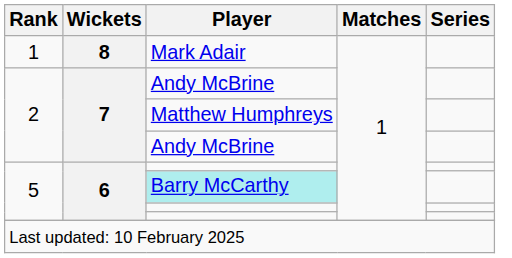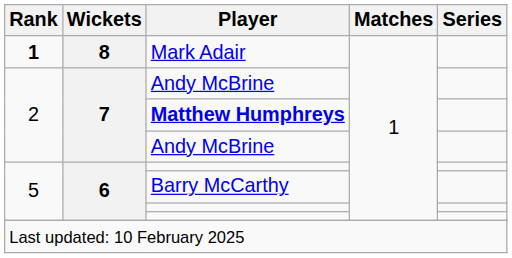 <table class="wikitable plainrowheaders sortable">
 <tr>
 <th scope=col>Rank</th>
 <th scope=col>Wickets</th>
 <th scope=col>Player</th>
 <th scope=col>Matches</th>
 <th scope=col>Series</th>
 </tr>
 <tr>
-<td align=center>1</td>
+<td align=center><strong>1</strong></td>
 <th scope=row style=text-align:center;>8</th>
 <td><a href='#'>Mark Adair</a></td>
 <td align=center  rowspan=8>1</td>
 <td></td>
 </tr>
 <tr>
 <td align=center rowspan=3>2</td>
 <th scope=row style=text-align:center; rowspan=3>7</th>
 <td><a href='#'>Andy McBrine</a></td>
 <td></td>
 </tr>
 <tr>
-<td><a href='#'>Matthew Humphreys</a></td>
+<td><strong><a href='#'>Matthew Humphreys</a></strong></td>
 <td></td>
 </tr>
 <tr>
 <td><a href='#'>Andy McBrine</a></td>
 <td></td>
 </tr>
 <tr>
 <td align=center rowspan=4>5</td>
 <th scope=row style=text-align:center; rowspan=4>6</th>
 <td></td>
 <td></td>
 </tr>
 <tr>
-<td style="background: paleturquoise;"><a href='#'>Barry McCarthy</a></td>
+<td><a href='#'>Barry McCarthy</a></td>
 <td></td>
 </tr>
 <tr>
 <td></td>
 <td></td>
 </tr>
 <tr>
 <td></td>
 <td></td>
 </tr>
 <tr>
 </tr>
 <tr class=sortbottom>
 <td colspan=5><small>Last updated: 10 February 2025</small></td>
 </tr>
 </table>
